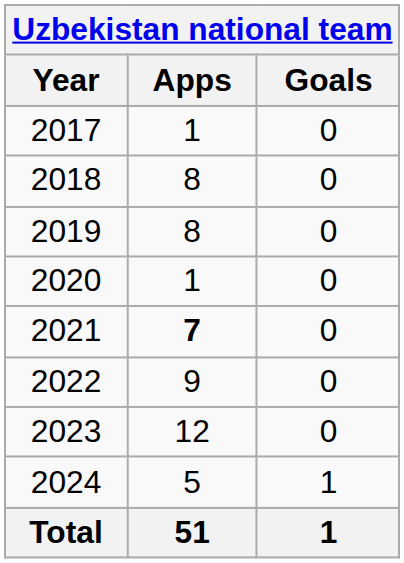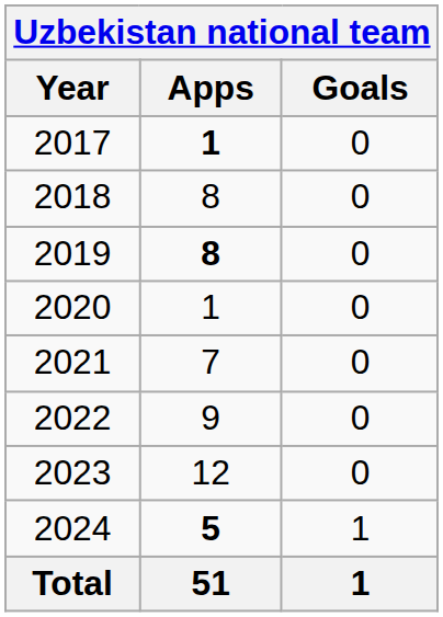 <table class="wikitable" style="text-align:center">
 <tr>
 <th colspan=3><a href='#'>Uzbekistan national team</a></th>
 </tr>
 <tr>
 <th>Year</th>
 <th>Apps</th>
 <th>Goals</th>
 </tr>
 <tr>
 <td>2017</td>
-<td>1</td>
+<td><strong>1</strong></td>
 <td>0</td>
 </tr>
 <tr>
 <td>2018</td>
 <td>8</td>
 <td>0</td>
 </tr>
 <tr>
 <td>2019</td>
-<td>8</td>
+<td><strong>8</strong></td>
 <td>0</td>
 </tr>
 <tr>
 <td>2020</td>
 <td>1</td>
 <td>0</td>
 </tr>
 <tr>
 <td>2021</td>
-<td><strong>7</strong></td>
+<td>7</td>
 <td>0</td>
 </tr>
 <tr>
 <td>2022</td>
 <td>9</td>
 <td>0</td>
 </tr>
 <tr>
 <td>2023</td>
 <td>12</td>
 <td>0</td>
 </tr>
 <tr>
 <td>2024</td>
-<td>5</td>
+<td><strong>5</strong></td>
 <td>1</td>
 </tr>
 <tr>
 <th>Total</th>
 <th>51</th>
 <th>1</th>
 </tr>
 </table>
